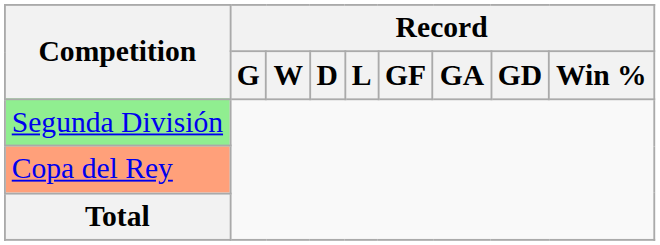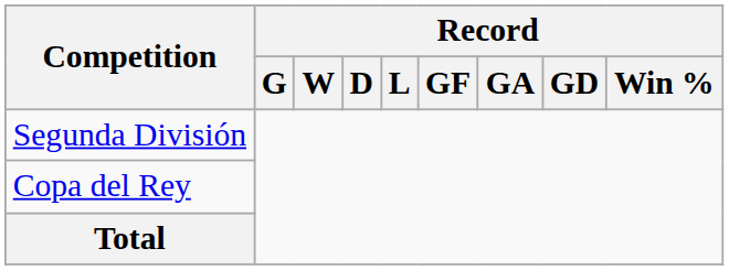 <table class="wikitable" style="text-align: center">
 <tr>
 <th rowspan="2">Competition</th>
 <th colspan="9">Record</th>
 </tr>
 <tr>
 <th>G</th>
 <th>W</th>
 <th>D</th>
 <th>L</th>
 <th>GF</th>
 <th>GA</th>
 <th>GD</th>
 <th>Win %</th>
 </tr>
 <tr>
-<td style="background: lightgreen; text-align: left"><a href='#'>Segunda División</a><br></td>
+<td style="text-align: left"><a href='#'>Segunda División</a><br></td>
 </tr>
 <tr>
-<td style="background: lightsalmon; text-align: left"><a href='#'>Copa del Rey</a><br></td>
+<td style="text-align: left"><a href='#'>Copa del Rey</a><br></td>
 </tr>
 <tr>
 <th>Total<br></th>
 </tr>
 </table>
